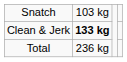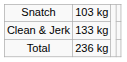 <table class = "wikitable" style="text-align:center;">
 <tr>
 <td>Snatch</td>
 <td>103 kg</td>
 <td rowspan=3 align=left></td>
 <td></td>
 </tr>
 <tr>
 <td>Clean & Jerk</td>
-<td><strong>133 kg</strong></td>
+<td>133 kg</td>
 <td></td>
 </tr>
 <tr>
 <td>Total</td>
 <td>236 kg</td>
 <td></td>
 </tr>
 </table>
